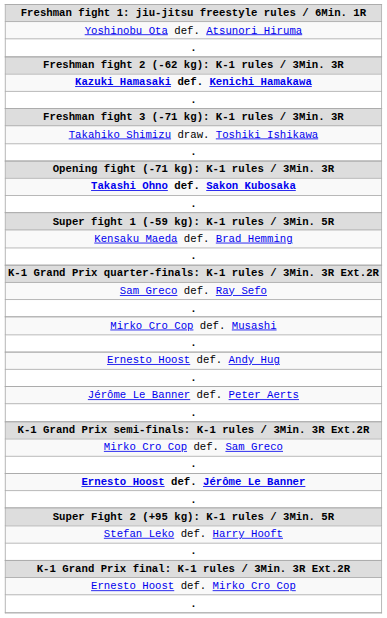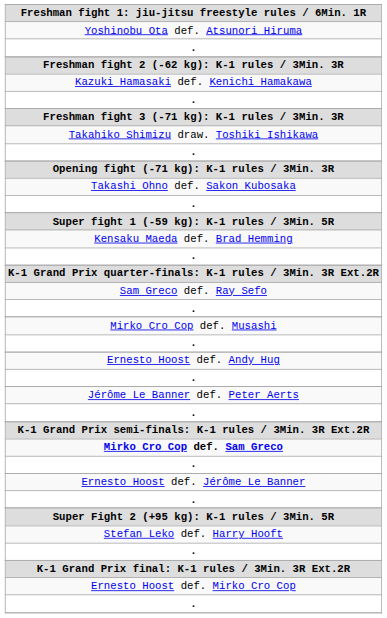 <table class="wikitable" style="clear:both; margin:1.5em auto; text-align:center;">
 <tr>
 </tr>
 <tr align="center"  bgcolor="#dddddd">
 <td><strong>Freshman fight 1: jiu-jitsu freestyle rules / 6Min. 1R</strong></td>
 </tr>
 <tr align="center"  bgcolor=>
 <td align=center> <a href='#'>Yoshinobu Ota</a> def. <a href='#'>Atsunori Hiruma</a> </td>
 </tr>
 <tr>
 <th style=background:white colspan=2>.</th>
 </tr>
 <tr>
 </tr>
 <tr align="center"  bgcolor="#dddddd">
 <td><strong>Freshman fight 2 (-62 kg): K-1 rules / 3Min. 3R</strong></td>
 </tr>
 <tr align="center"  bgcolor=>
-<td align=center><strong> <a href='#'>Kazuki Hamasaki</a> def. <a href='#'>Kenichi Hamakawa</a> </strong></td>
+<td align=center> <a href='#'>Kazuki Hamasaki</a> def. <a href='#'>Kenichi Hamakawa</a> </td>
 </tr>
 <tr>
 <th style=background:white colspan=2>.</th>
 </tr>
 <tr>
 </tr>
 <tr align="center"  bgcolor="#dddddd">
 <td><strong>Freshman fight 3 (-71 kg): K-1 rules / 3Min. 3R</strong></td>
 </tr>
 <tr align="center"  bgcolor=>
 <td align=center> <a href='#'>Takahiko Shimizu</a> draw. <a href='#'>Toshiki Ishikawa</a> </td>
 </tr>
 <tr>
 <th style=background:white colspan=2>.</th>
 </tr>
 <tr>
 </tr>
 <tr align="center"  bgcolor="#dddddd">
 <td><strong>Opening fight (-71 kg): K-1 rules / 3Min. 3R</strong></td>
 </tr>
 <tr align="center"  bgcolor=>
-<td align=center><strong> <a href='#'>Takashi Ohno</a> def. <a href='#'>Sakon Kubosaka</a> </strong></td>
+<td align=center> <a href='#'>Takashi Ohno</a> def. <a href='#'>Sakon Kubosaka</a> </td>
 </tr>
 <tr>
 <th style=background:white colspan=2>.</th>
 </tr>
 <tr>
 </tr>
 <tr align="center"  bgcolor="#dddddd">
 <td><strong>Super fight 1 (-59 kg): K-1 rules / 3Min. 5R</strong></td>
 </tr>
 <tr align="center"  bgcolor=>
 <td align=center> <a href='#'>Kensaku Maeda</a> def. <a href='#'>Brad Hemming</a> </td>
 </tr>
 <tr>
 <th style=background:white colspan=2>.</th>
 </tr>
 <tr>
 </tr>
 <tr align="center"  bgcolor="#dddddd">
 <td><strong>K-1 Grand Prix quarter-finals: K-1 rules / 3Min. 3R Ext.2R</strong></td>
 </tr>
 <tr align="center"  bgcolor=>
 <td align=center> <a href='#'>Sam Greco</a> def. <a href='#'>Ray Sefo</a> </td>
 </tr>
 <tr>
 <th style=background:white colspan=2>.</th>
 </tr>
 <tr>
 </tr>
 <tr align="center"  bgcolor=>
 <td align=center> <a href='#'>Mirko Cro Cop</a> def. <a href='#'>Musashi</a> </td>
 </tr>
 <tr>
 <th style=background:white colspan=2>.</th>
 </tr>
 <tr>
 </tr>
 <tr align="center"  bgcolor=>
 <td align=center> <a href='#'>Ernesto Hoost</a> def. <a href='#'>Andy Hug</a> </td>
 </tr>
 <tr>
 <th style=background:white colspan=2>.</th>
 </tr>
 <tr>
 </tr>
 <tr align="center"  bgcolor=>
 <td align=center> <a href='#'>Jérôme Le Banner</a> def. <a href='#'>Peter Aerts</a> </td>
 </tr>
 <tr>
 <th style=background:white colspan=2>.</th>
 </tr>
 <tr>
 </tr>
 <tr align="center"  bgcolor="#dddddd">
 <td><strong>K-1 Grand Prix semi-finals: K-1 rules / 3Min. 3R Ext.2R</strong></td>
 </tr>
 <tr align="center"  bgcolor=>
-<td align=center> <a href='#'>Mirko Cro Cop</a> def. <a href='#'>Sam Greco</a> </td>
+<td align=center><strong> <a href='#'>Mirko Cro Cop</a> def. <a href='#'>Sam Greco</a> </strong></td>
 </tr>
 <tr>
 <th style=background:white colspan=2>.</th>
 </tr>
 <tr>
 </tr>
 <tr align="center"  bgcolor=>
-<td align=center><strong> <a href='#'>Ernesto Hoost</a> def. <a href='#'>Jérôme Le Banner</a> </strong></td>
+<td align=center> <a href='#'>Ernesto Hoost</a> def. <a href='#'>Jérôme Le Banner</a> </td>
 </tr>
 <tr>
 <th style=background:white colspan=2>.</th>
 </tr>
 <tr>
 </tr>
 <tr align="center"  bgcolor="#dddddd">
 <td><strong>Super Fight 2 (+95 kg): K-1 rules / 3Min. 5R</strong></td>
 </tr>
 <tr align="center"  bgcolor=>
 <td align=center> <a href='#'>Stefan Leko</a> def. <a href='#'>Harry Hooft</a> </td>
 </tr>
 <tr>
 <th style=background:white colspan=2>.</th>
 </tr>
 <tr>
 </tr>
 <tr align="center"  bgcolor="#dddddd">
 <td><strong>K-1 Grand Prix final: K-1 rules / 3Min. 3R Ext.2R</strong></td>
 </tr>
 <tr align="center"  bgcolor=>
 <td align=center> <a href='#'>Ernesto Hoost</a> def. <a href='#'>Mirko Cro Cop</a> </td>
 </tr>
 <tr>
 <th style=background:white colspan=2>.</th>
 </tr>
 <tr>
 </tr>
 </table>
